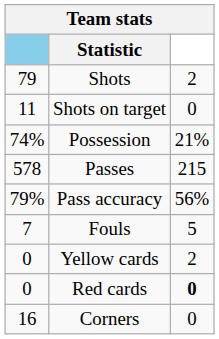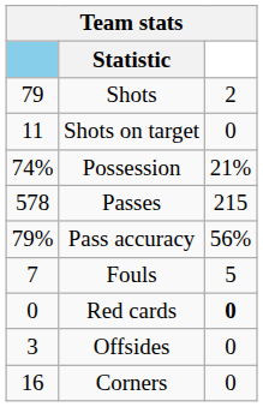 <table class="wikitable" style="margin-left: auto; margin-right: auto; border: none; text-align:center;">
 <tr>
 <th colspan=3>Team stats</th>
 </tr>
 <tr>
 <th style="background: #87CEEB; color: #FFFFFF;"> <a href='#'></a></th>
 <th>Statistic</th>
 <th style="background: #FFFFFF; color: #2D2A4A;"> <a href='#'></a></th>
 </tr>
 <tr>
 <td>79</td>
 <td>Shots</td>
 <td>2</td>
 </tr>
 <tr>
 <td>11</td>
 <td>Shots on target</td>
 <td>0</td>
 </tr>
 <tr>
 <td>74%</td>
 <td>Possession</td>
 <td>21%</td>
 </tr>
 <tr>
 <td>578</td>
 <td>Passes</td>
 <td>215</td>
 </tr>
 <tr>
 <td>79%</td>
 <td>Pass accuracy</td>
 <td>56%</td>
 </tr>
 <tr>
 <td>7</td>
 <td>Fouls</td>
 <td>5</td>
 </tr>
 <tr>
 <td>0</td>
-<td>Yellow cards</td>
-<td>2</td>
+<td>Red cards</td>
+<td><strong>0</strong></td>
 </tr>
 <tr>
+<td>3</td>
+<td>Offsides</td>
 <td>0</td>
-<td>Red cards</td>
-<td><strong>0</strong></td>
 </tr>
 <tr>
 <td>16</td>
 <td>Corners</td>
 <td>0</td>
 </tr>
 </table>
